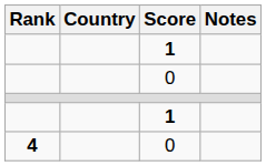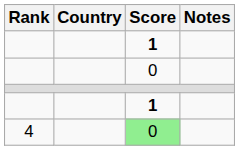 <table class="wikitable sortable" style="text-align:center">
 <tr>
 <th>Rank</th>
 <th>Country</th>
 <th>Score</th>
 <th class="unsortable">Notes</th>
 </tr>
 <tr>
 <td></td>
 <td align="left"></td>
 <td><strong>1</strong></td>
 <td></td>
 </tr>
 <tr>
 <td></td>
 <td align="left"></td>
 <td>0</td>
 <td></td>
 </tr>
 <tr bgcolor=#DDDDDD>
 <td colspan=13></td>
 </tr>
 <tr>
 <td></td>
 <td align="left"></td>
 <td><strong>1</strong></td>
 <td></td>
 </tr>
 <tr>
-<td><strong>4</strong></td>
+<td>4</td>
 <td align="left"></td>
-<td>0</td>
+<td style="background: lightgreen;">0</td>
 <td></td>
 </tr>
 </table>
